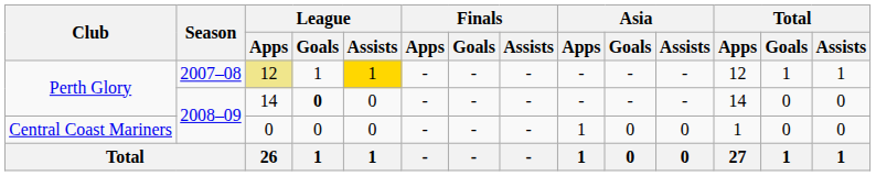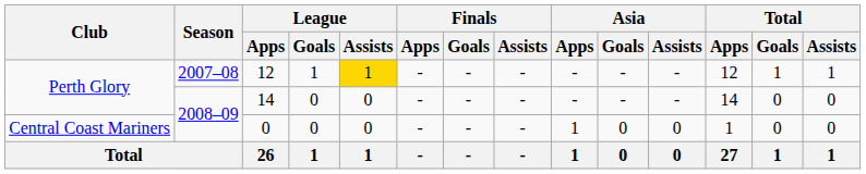 <table class="wikitable" style="text-align: center;">
 <tr>
 <th rowspan="2">Club</th>
 <th rowspan="2">Season</th>
 <th colspan="3">League</th>
 <th colspan="3">Finals</th>
 <th colspan="3">Asia</th>
 <th colspan="3">Total</th>
 </tr>
 <tr>
 <th>Apps</th>
 <th>Goals</th>
 <th>Assists</th>
 <th>Apps</th>
 <th>Goals</th>
 <th>Assists</th>
 <th>Apps</th>
 <th>Goals</th>
 <th>Assists</th>
 <th>Apps</th>
 <th>Goals</th>
 <th>Assists</th>
 </tr>
 <tr>
 <td rowspan="2" valign="center"><a href='#'>Perth Glory</a></td>
 <td><a href='#'>2007–08</a></td>
-<td style="background: khaki;">12</td>
+<td>12</td>
 <td>1</td>
 <td style="background: gold;">1</td>
 <td>-</td>
 <td>-</td>
 <td>-</td>
 <td>-</td>
 <td>-</td>
 <td>-</td>
 <td>12</td>
 <td>1</td>
 <td>1</td>
 </tr>
 <tr>
 <td rowspan="2"><a href='#'>2008–09</a></td>
 <td>14</td>
-<td><strong>0</strong></td>
+<td>0</td>
 <td>0</td>
 <td>-</td>
 <td>-</td>
 <td>-</td>
 <td>-</td>
 <td>-</td>
 <td>-</td>
 <td>14</td>
 <td>0</td>
 <td>0</td>
 </tr>
 <tr>
 <td valign="center"><a href='#'>Central Coast Mariners</a></td>
 <td>0</td>
 <td>0</td>
 <td>0</td>
 <td>-</td>
 <td>-</td>
 <td>-</td>
 <td>1</td>
 <td>0</td>
 <td>0</td>
 <td>1</td>
 <td>0</td>
 <td>0</td>
 </tr>
 <tr>
 <th colspan="2">Total</th>
 <th>26</th>
 <th>1</th>
 <th>1</th>
 <th>-</th>
 <th>-</th>
 <th>-</th>
 <th>1</th>
 <th>0</th>
 <th>0</th>
 <th>27</th>
 <th>1</th>
 <th>1</th>
 </tr>
 </table>
